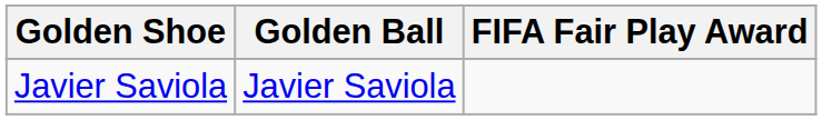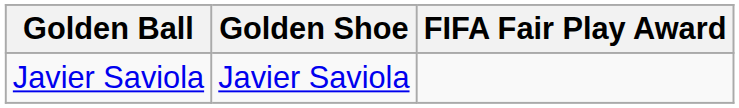 <table class=wikitable style="text-align:center; margin:auto">
 <tr>
+<th>Golden Ball</th>
 <th>Golden Shoe</th>
-<th>Golden Ball</th>
 <th>FIFA Fair Play Award</th>
 </tr>
 <tr>
 <td> <a href='#'>Javier Saviola</a></td>
 <td> <a href='#'>Javier Saviola</a></td>
 <td></td>
 </tr>
 </table>
